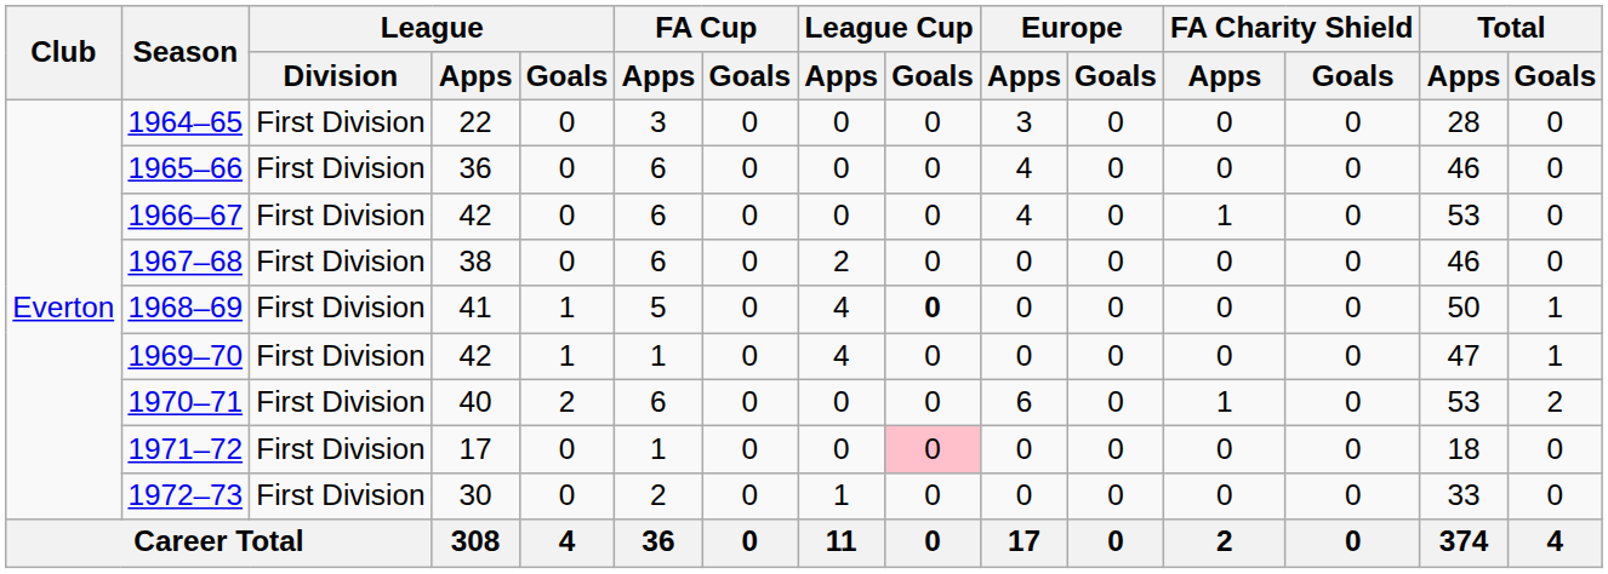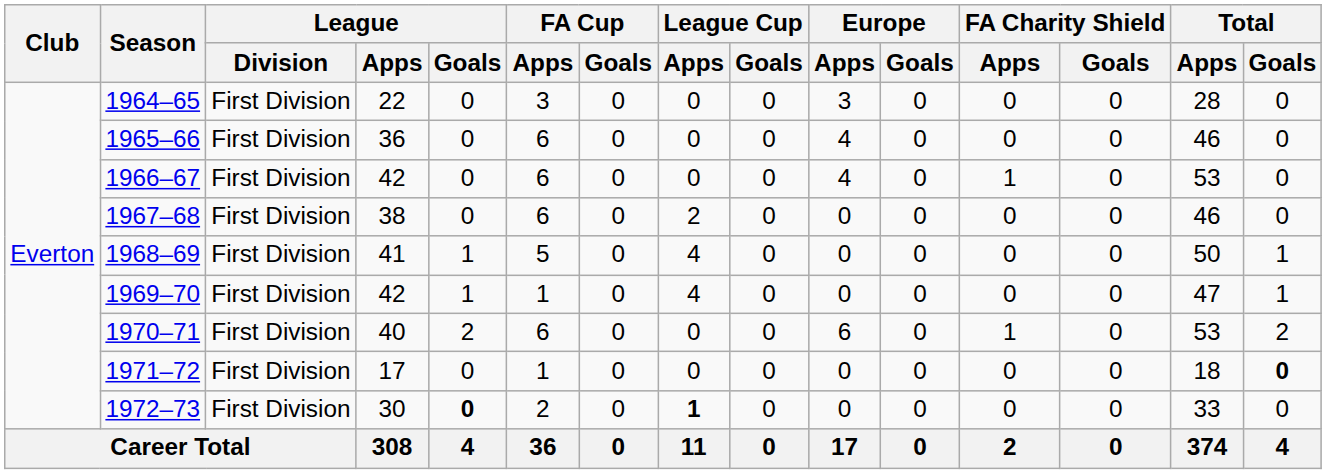 <table class="wikitable" style="text-align:center">
 <tr>
 <th rowspan="2">Club</th>
 <th rowspan="2">Season</th>
 <th colspan="3">League</th>
 <th colspan="2">FA Cup</th>
 <th colspan="2">League Cup</th>
 <th colspan="2">Europe</th>
 <th colspan="2">FA Charity Shield</th>
 <th colspan="2">Total</th>
 </tr>
 <tr>
 <th>Division</th>
 <th>Apps</th>
 <th>Goals</th>
 <th>Apps</th>
 <th>Goals</th>
 <th>Apps</th>
 <th>Goals</th>
 <th>Apps</th>
 <th>Goals</th>
 <th>Apps</th>
 <th>Goals</th>
 <th>Apps</th>
 <th>Goals</th>
 </tr>
 <tr>
 <td rowspan="9"><a href='#'>Everton</a></td>
 <td><a href='#'>1964–65</a></td>
 <td>First Division</td>
 <td>22</td>
 <td>0</td>
 <td>3</td>
 <td>0</td>
 <td>0</td>
 <td>0</td>
 <td>3</td>
 <td>0</td>
 <td>0</td>
 <td>0</td>
 <td>28</td>
 <td>0</td>
 </tr>
 <tr>
 <td><a href='#'>1965–66</a></td>
 <td>First Division</td>
 <td>36</td>
 <td>0</td>
 <td>6</td>
 <td>0</td>
 <td>0</td>
 <td>0</td>
 <td>4</td>
 <td>0</td>
 <td>0</td>
 <td>0</td>
 <td>46</td>
 <td>0</td>
 </tr>
 <tr>
 <td><a href='#'>1966–67</a></td>
 <td>First Division</td>
 <td>42</td>
 <td>0</td>
 <td>6</td>
 <td>0</td>
 <td>0</td>
 <td>0</td>
 <td>4</td>
 <td>0</td>
 <td>1</td>
 <td>0</td>
 <td>53</td>
 <td>0</td>
 </tr>
 <tr>
 <td><a href='#'>1967–68</a></td>
 <td>First Division</td>
 <td>38</td>
 <td>0</td>
 <td>6</td>
 <td>0</td>
 <td>2</td>
 <td>0</td>
 <td>0</td>
 <td>0</td>
 <td>0</td>
 <td>0</td>
 <td>46</td>
 <td>0</td>
 </tr>
 <tr>
 <td><a href='#'>1968–69</a></td>
 <td>First Division</td>
 <td>41</td>
 <td>1</td>
 <td>5</td>
 <td>0</td>
 <td>4</td>
-<td><strong>0</strong></td>
+<td>0</td>
 <td>0</td>
 <td>0</td>
 <td>0</td>
 <td>0</td>
 <td>50</td>
 <td>1</td>
 </tr>
 <tr>
 <td><a href='#'>1969–70</a></td>
 <td>First Division</td>
 <td>42</td>
 <td>1</td>
 <td>1</td>
 <td>0</td>
 <td>4</td>
 <td>0</td>
 <td>0</td>
 <td>0</td>
 <td>0</td>
 <td>0</td>
 <td>47</td>
 <td>1</td>
 </tr>
 <tr>
 <td><a href='#'>1970–71</a></td>
 <td>First Division</td>
 <td>40</td>
 <td>2</td>
 <td>6</td>
 <td>0</td>
 <td>0</td>
 <td>0</td>
 <td>6</td>
 <td>0</td>
 <td>1</td>
 <td>0</td>
 <td>53</td>
 <td>2</td>
 </tr>
 <tr>
 <td><a href='#'>1971–72</a></td>
 <td>First Division</td>
 <td>17</td>
 <td>0</td>
 <td>1</td>
 <td>0</td>
 <td>0</td>
-<td style="background: pink;">0</td>
+<td>0</td>
 <td>0</td>
 <td>0</td>
 <td>0</td>
 <td>0</td>
 <td>18</td>
-<td>0</td>
+<td><strong>0</strong></td>
 </tr>
 <tr>
 <td><a href='#'>1972–73</a></td>
 <td>First Division</td>
 <td>30</td>
-<td>0</td>
+<td><strong>0</strong></td>
 <td>2</td>
 <td>0</td>
-<td>1</td>
+<td><strong>1</strong></td>
 <td>0</td>
 <td>0</td>
 <td>0</td>
 <td>0</td>
 <td>0</td>
 <td>33</td>
 <td>0</td>
 </tr>
 <tr>
 <th colspan="3">Career Total</th>
 <th>308</th>
 <th>4</th>
 <th>36</th>
 <th>0</th>
 <th>11</th>
 <th>0</th>
 <th>17</th>
 <th>0</th>
 <th>2</th>
 <th>0</th>
 <th>374</th>
 <th>4</th>
 </tr>
 </table>
